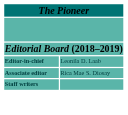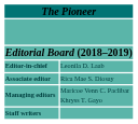 <table class="toccolours ">
 <tr>
 <th colspan="2" style="text-align: center;background-color:#007474"><span><strong><em>The Pioneer</em></strong></span></th>
 </tr>
 <tr>
 <th colspan="2" style="text-align: center;background-color:#5AB5A9"><br><br></th>
 </tr>
 <tr>
 <th colspan="2" style="text-align: center;background-color:#5AB5A9"><span><em>Editorial Board</em> (2018–2019)</span></th>
 </tr>
 <tr style="text-align:left; font-size:x-small; color:#004040; line-height:1.45em;background-color:#5AB5A9">
 <td><strong>Editor-in-chief</strong></td>
 <td>Leonila D. Laab</td>
 </tr>
 <tr style="text-align:left; font-size:x-small; color:#004040; line-height:1.45em;background-color:#5AB5A9">
 <td><strong>Associate editor</strong></td>
 <td>Rica Mae S. Diosay</td>
 </tr>
 <tr style="text-align:left; font-size:x-small; color:#004040; line-height:1.45em;background-color:#5AB5A9">
+<td><strong>Managing editors</strong></td>
+<td>Maricoe Venn C. Paclibar<br>Khryss T. Gayo</td>
+</tr>
+<tr style="text-align:left; font-size:x-small; color:#004040; line-height:1.45em;background-color:#5AB5A9">
 <td><strong>Staff writers</strong></td>
 <td></td>
 </tr>
 <tr>
 </tr>
 </table>
